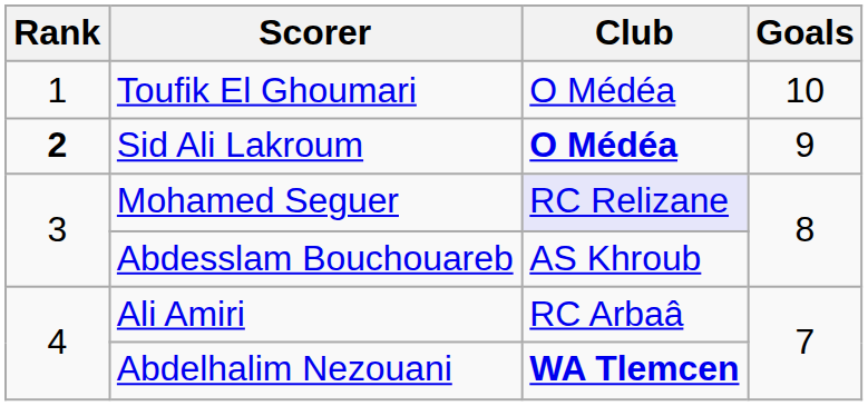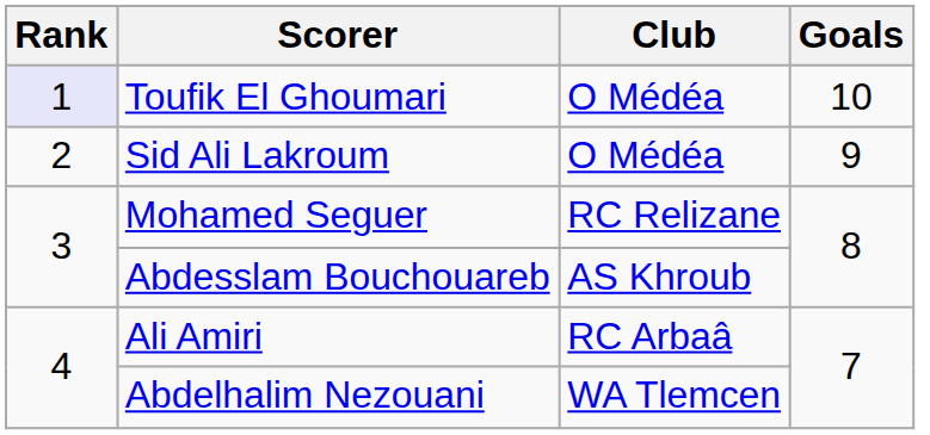 <table class="wikitable" style="text-align:center">
 <tr>
 <th>Rank</th>
 <th>Scorer</th>
 <th>Club</th>
 <th>Goals</th>
 </tr>
 <tr>
-<td>1</td>
+<td style="background: lavender;">1</td>
 <td align="left"> <a href='#'>Toufik El Ghoumari</a></td>
 <td align="left"><a href='#'>O Médéa</a></td>
 <td>10</td>
 </tr>
 <tr>
-<td><strong>2</strong></td>
+<td>2</td>
 <td align="left"> <a href='#'>Sid Ali Lakroum</a></td>
-<td align="left"><strong><a href='#'>O Médéa</a></strong></td>
+<td align="left"><a href='#'>O Médéa</a></td>
 <td>9</td>
 </tr>
 <tr>
 <td rowspan="2">3</td>
 <td align="left"> <a href='#'>Mohamed Seguer</a></td>
-<td align="left" style="background: lavender;"><a href='#'>RC Relizane</a></td>
+<td align="left"><a href='#'>RC Relizane</a></td>
 <td rowspan="2">8</td>
 </tr>
 <tr>
 <td align="left"> <a href='#'>Abdesslam Bouchouareb</a></td>
 <td align="left"><a href='#'>AS Khroub</a></td>
 </tr>
 <tr>
 <td rowspan="2">4</td>
 <td align="left"> <a href='#'>Ali Amiri</a></td>
 <td align="left"><a href='#'>RC Arbaâ</a></td>
 <td rowspan="2">7</td>
 </tr>
 <tr>
 <td align="left"> <a href='#'>Abdelhalim Nezouani</a></td>
-<td align="left"><strong><a href='#'>WA Tlemcen</a></strong></td>
+<td align="left"><a href='#'>WA Tlemcen</a></td>
 </tr>
 </table>
